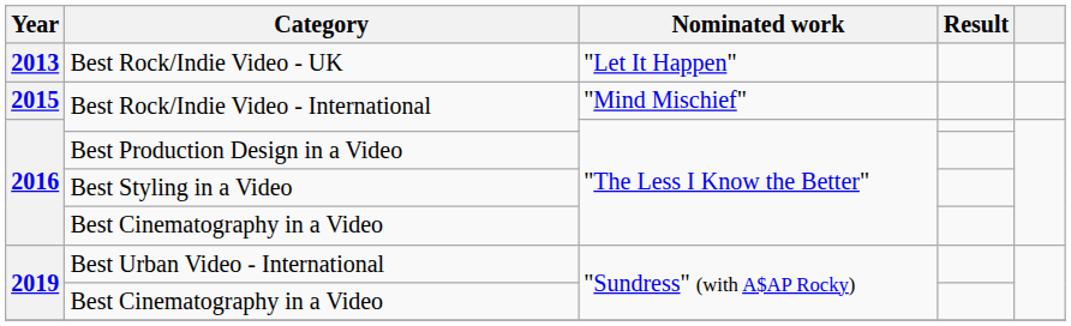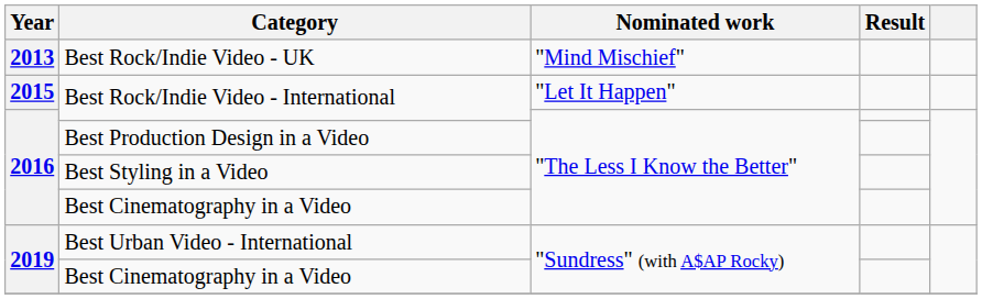 <table class="wikitable plainrowheaders" style="width:80%;">
 <tr>
 <th scope="col" style="width:4%;">Year</th>
 <th scope="col" style="width:50%;">Category</th>
 <th scope="col" style="width:35%;">Nominated work</th>
 <th scope="col" style="width:6%;">Result</th>
 <th scope="col" style="width:6%;"></th>
 </tr>
 <tr>
 <th scope="row"><a href='#'>2013</a></th>
 <td>Best Rock/Indie Video - UK</td>
-<td>"<a href='#'>Let It Happen</a>"</td>
+<td>"<a href='#'>Mind Mischief</a>"</td>
 <td></td>
 <td></td>
 </tr>
 <tr>
 <th scope="row"><a href='#'>2015</a></th>
 <td rowspan="2">Best Rock/Indie Video - International</td>
-<td>"<a href='#'>Mind Mischief</a>"</td>
+<td>"<a href='#'>Let It Happen</a>"</td>
 <td></td>
 <td></td>
 </tr>
 <tr>
 <th scope="row" rowspan="4"><a href='#'>2016</a></th>
 <td rowspan="4">"<a href='#'>The Less I Know the Better</a>"</td>
 <td></td>
 <td rowspan="4"></td>
 </tr>
 <tr>
 <td>Best Production Design in a Video</td>
 <td></td>
 </tr>
 <tr>
 <td>Best Styling in a Video</td>
 <td></td>
 </tr>
 <tr>
 <td>Best Cinematography in a Video</td>
 <td></td>
 </tr>
 <tr>
 <th scope="row" rowspan="2"><a href='#'>2019</a></th>
 <td>Best Urban Video - International</td>
 <td rowspan="2">"<a href='#'>Sundress</a>" <small>(with <a href='#'>A$AP Rocky</a>)</small></td>
 <td></td>
 <td rowspan="2"></td>
 </tr>
 <tr>
 <td>Best Cinematography in a Video</td>
 <td></td>
 </tr>
 <tr>
 </tr>
 </table>
